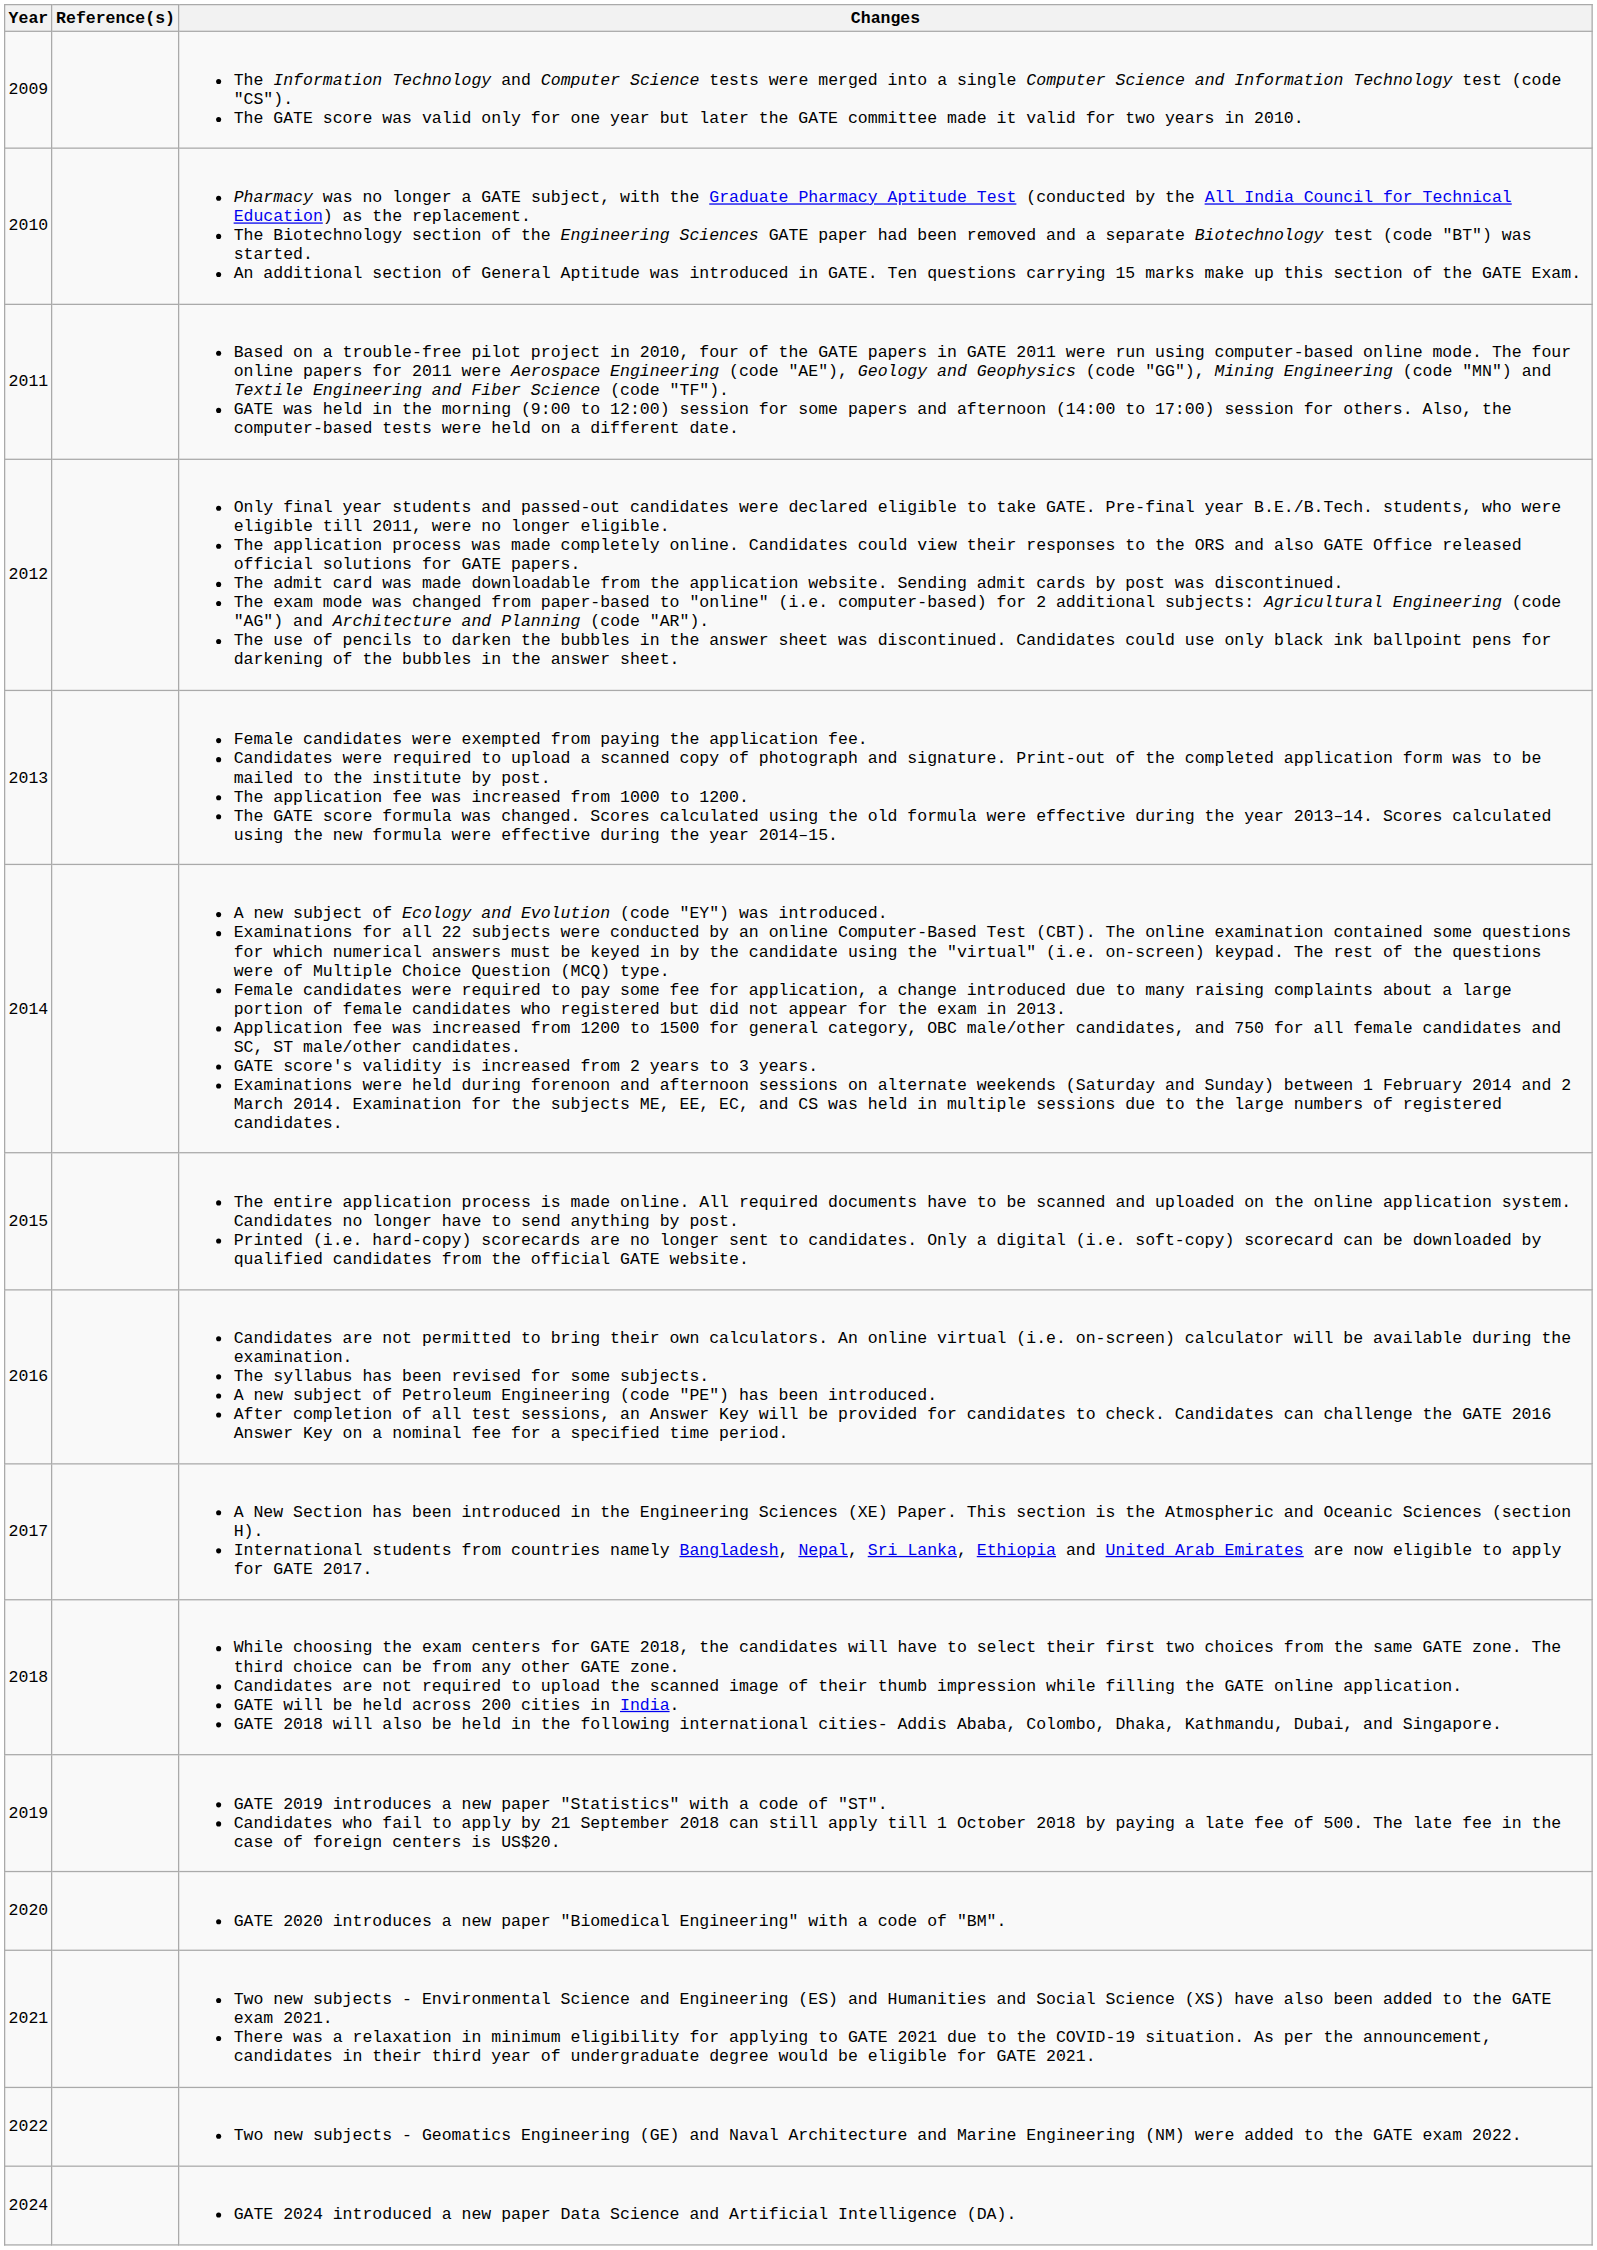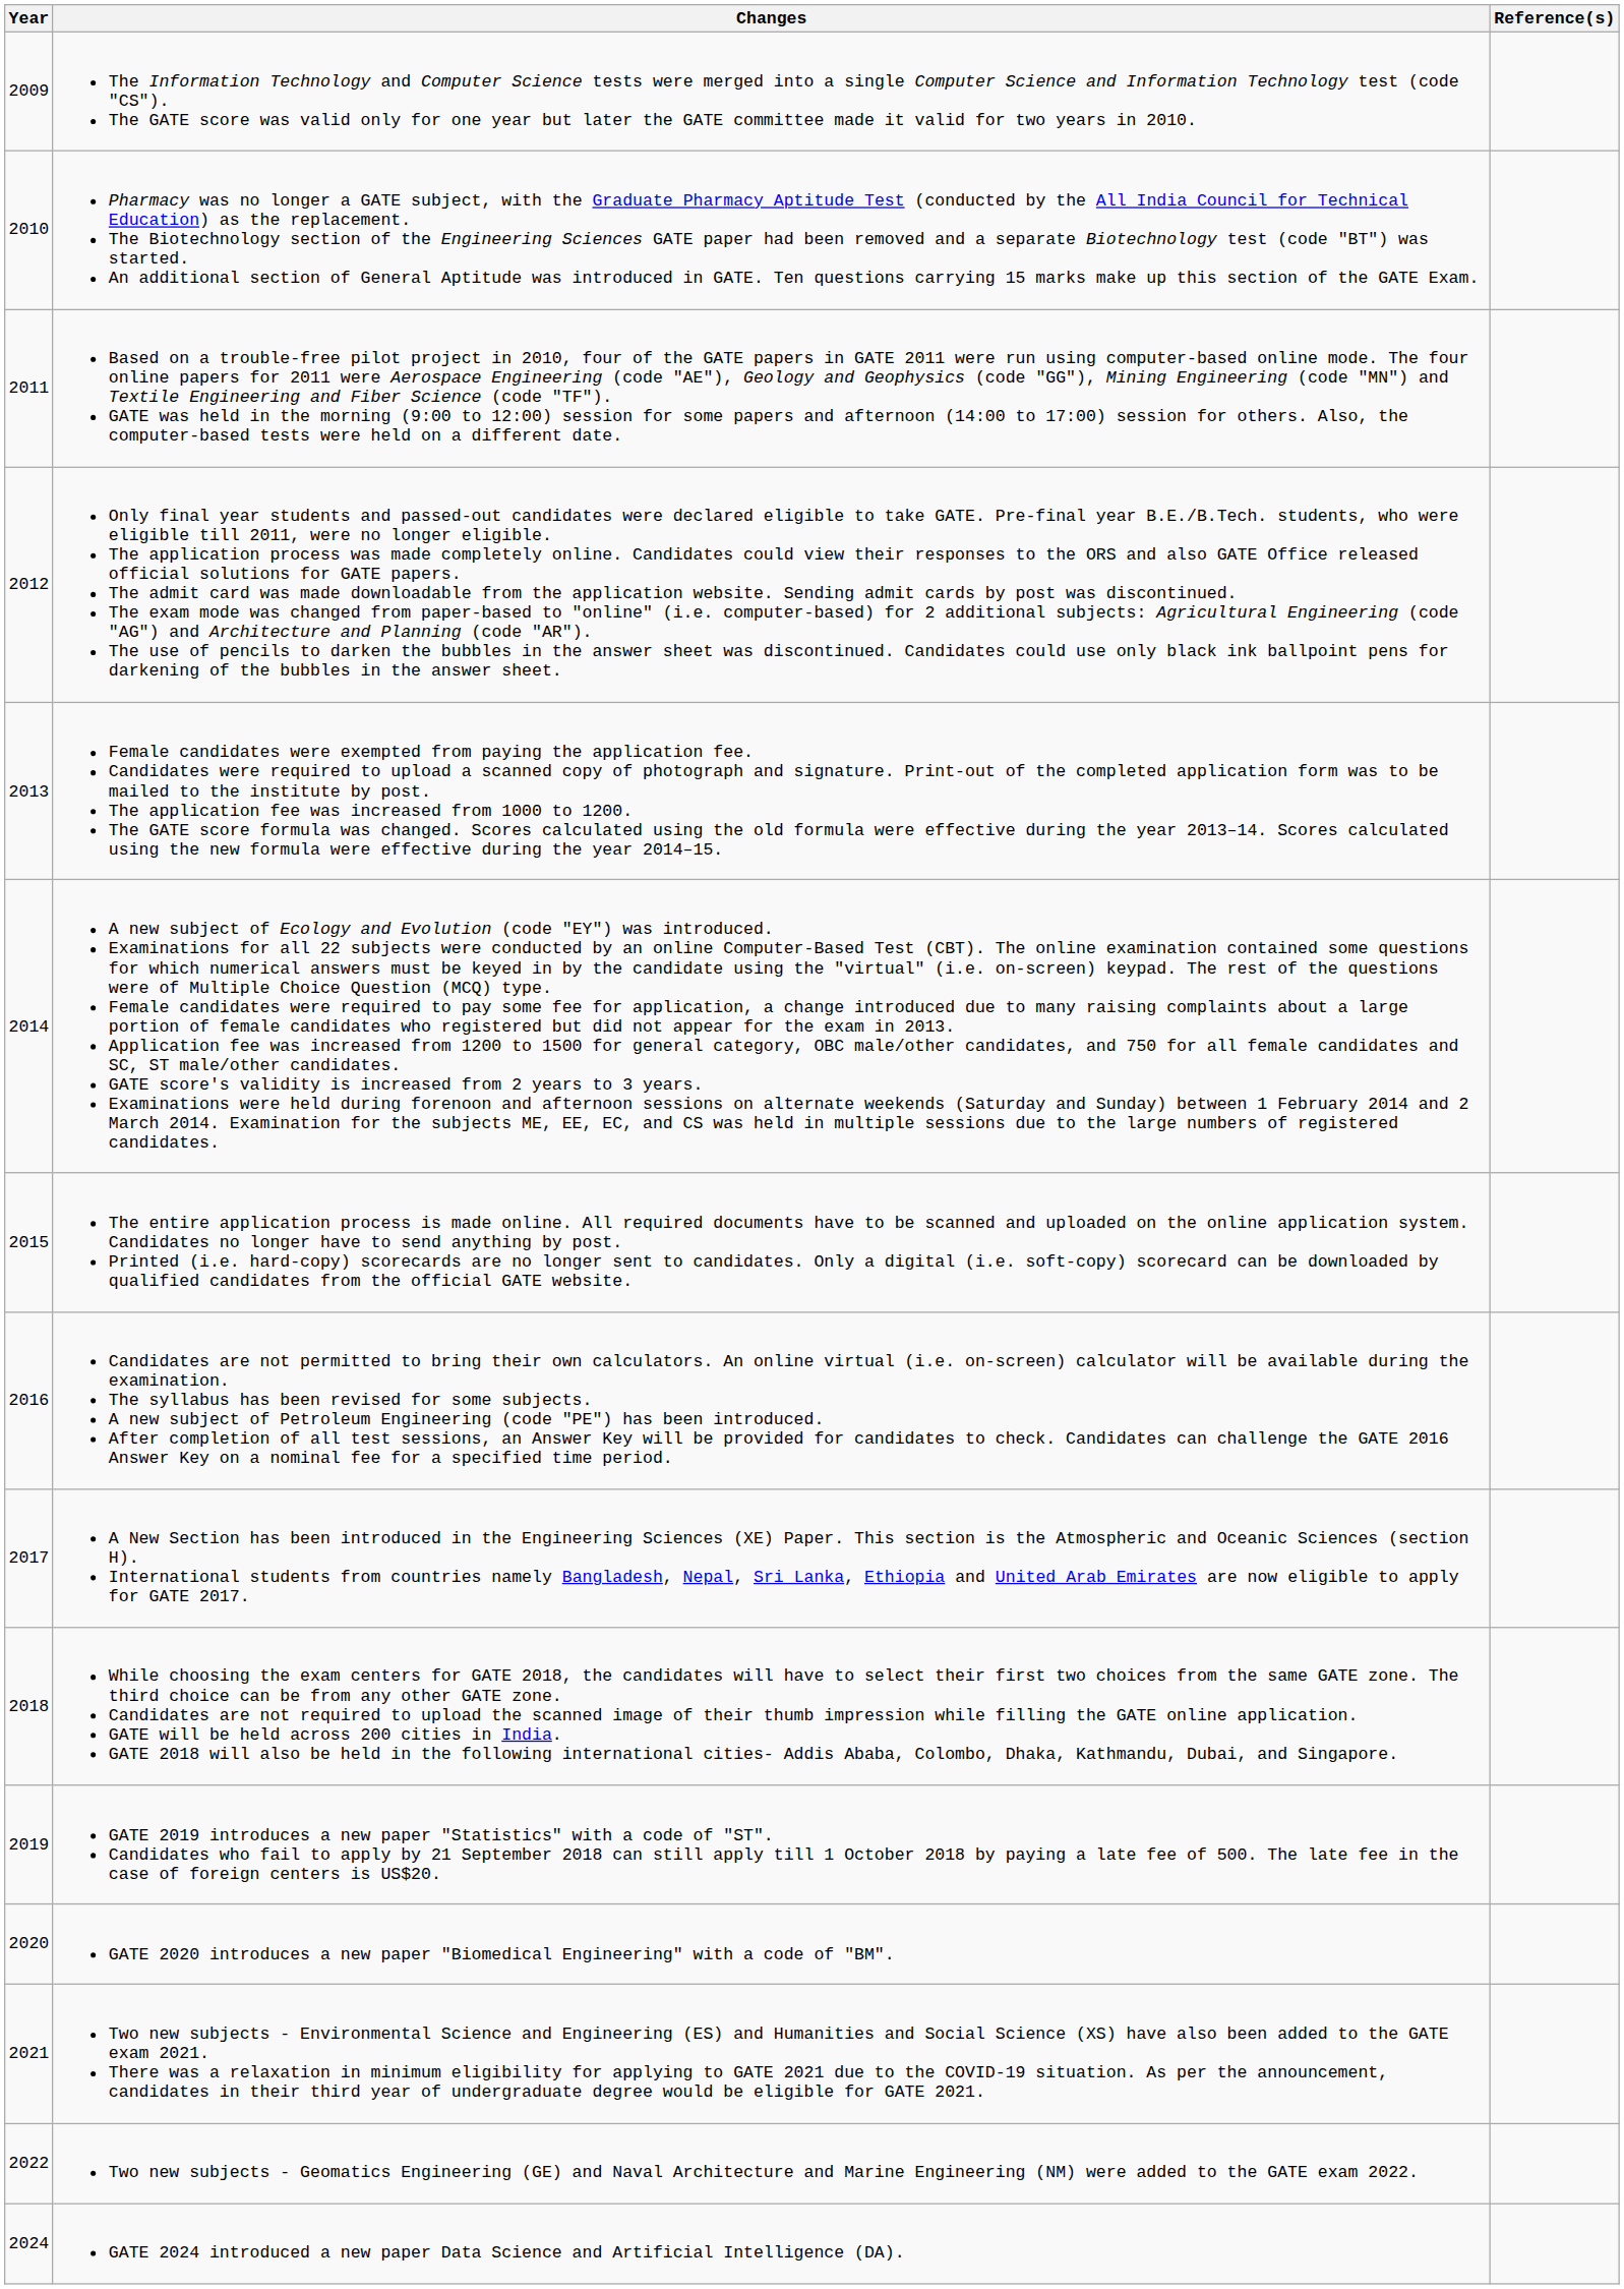 <table class="wikitable sortable">
 <tr>
 <th>Year</th>
+<th class="unsortable">Changes</th>
 <th class="unsortable">Reference(s)</th>
-<th class="unsortable">Changes</th>
 </tr>
 <tr>
 <td>2009</td>
+<td><br><ul><li>The <em>Information Technology</em> and <em>Computer Science</em> tests were merged into a single <em>Computer Science and Information Technology</em> test (code "CS").</li><li>The GATE score was valid only for one year but later the GATE committee made it valid for two years in 2010.</li></ul></td>
 <td></td>
-<td><br><ul><li>The <em>Information Technology</em> and <em>Computer Science</em> tests were merged into a single <em>Computer Science and Information Technology</em> test (code "CS").</li><li>The GATE score was valid only for one year but later the GATE committee made it valid for two years in 2010.</li></ul></td>
 </tr>
 <tr>
 <td>2010</td>
+<td><br><ul><li><em>Pharmacy</em> was no longer a GATE subject, with the <a href='#'>Graduate Pharmacy Aptitude Test</a> (conducted by the <a href='#'>All India Council for Technical Education</a>) as the replacement.</li><li>The Biotechnology section of the <em>Engineering Sciences</em> GATE paper had been removed and a separate <em>Biotechnology</em> test (code "BT") was started.</li><li>An additional section of General Aptitude was introduced in GATE. Ten questions carrying 15 marks make up this section of the GATE Exam.</li></ul></td>
 <td></td>
-<td><br><ul><li><em>Pharmacy</em> was no longer a GATE subject, with the <a href='#'>Graduate Pharmacy Aptitude Test</a> (conducted by the <a href='#'>All India Council for Technical Education</a>) as the replacement.</li><li>The Biotechnology section of the <em>Engineering Sciences</em> GATE paper had been removed and a separate <em>Biotechnology</em> test (code "BT") was started.</li><li>An additional section of General Aptitude was introduced in GATE. Ten questions carrying 15 marks make up this section of the GATE Exam.</li></ul></td>
 </tr>
 <tr>
 <td>2011</td>
+<td><br><ul><li>Based on a trouble-free pilot project in 2010, four of the GATE papers in GATE 2011 were run using computer-based online mode. The four online papers for 2011 were <em>Aerospace Engineering</em> (code "AE"), <em>Geology and Geophysics</em> (code "GG"), <em>Mining Engineering</em> (code "MN") and <em>Textile Engineering and Fiber Science</em> (code "TF").</li><li>GATE was held in the morning (9:00 to 12:00) session for some papers and afternoon (14:00 to 17:00) session for others. Also, the computer-based tests were held on a different date.</li></ul></td>
 <td></td>
-<td><br><ul><li>Based on a trouble-free pilot project in 2010, four of the GATE papers in GATE 2011 were run using computer-based online mode. The four online papers for 2011 were <em>Aerospace Engineering</em> (code "AE"), <em>Geology and Geophysics</em> (code "GG"), <em>Mining Engineering</em> (code "MN") and <em>Textile Engineering and Fiber Science</em> (code "TF").</li><li>GATE was held in the morning (9:00 to 12:00) session for some papers and afternoon (14:00 to 17:00) session for others. Also, the computer-based tests were held on a different date.</li></ul></td>
 </tr>
 <tr>
 <td>2012</td>
+<td><br><ul><li>Only final year students and passed-out candidates were declared eligible to take GATE. Pre-final year B.E./B.Tech. students, who were eligible till 2011, were no longer eligible.</li><li>The application process was made completely online. Candidates could view their responses to the ORS and also GATE Office released official solutions for GATE papers.</li><li>The admit card was made downloadable from the application website. Sending admit cards by post was discontinued.</li><li>The exam mode was changed from paper-based to "online" (i.e. computer-based) for 2 additional subjects: <em>Agricultural Engineering</em> (code "AG") and <em>Architecture and Planning</em> (code "AR").</li><li>The use of pencils to darken the bubbles in the answer sheet was discontinued. Candidates could use only black ink ballpoint pens for darkening of the bubbles in the answer sheet.</li></ul></td>
 <td></td>
-<td><br><ul><li>Only final year students and passed-out candidates were declared eligible to take GATE. Pre-final year B.E./B.Tech. students, who were eligible till 2011, were no longer eligible.</li><li>The application process was made completely online. Candidates could view their responses to the ORS and also GATE Office released official solutions for GATE papers.</li><li>The admit card was made downloadable from the application website. Sending admit cards by post was discontinued.</li><li>The exam mode was changed from paper-based to "online" (i.e. computer-based) for 2 additional subjects: <em>Agricultural Engineering</em> (code "AG") and <em>Architecture and Planning</em> (code "AR").</li><li>The use of pencils to darken the bubbles in the answer sheet was discontinued. Candidates could use only black ink ballpoint pens for darkening of the bubbles in the answer sheet.</li></ul></td>
 </tr>
 <tr>
 <td>2013</td>
+<td><br><ul><li>Female candidates were exempted from paying the application fee.</li><li>Candidates were required to upload a scanned copy of photograph and signature. Print-out of the completed application form was to be mailed to the institute by post.</li><li>The application fee was increased from  1000 to  1200.</li><li>The GATE score formula was changed. Scores calculated using the old formula were effective during the year 2013–14. Scores calculated using the new formula were effective during the year 2014–15.</li></ul></td>
 <td></td>
-<td><br><ul><li>Female candidates were exempted from paying the application fee.</li><li>Candidates were required to upload a scanned copy of photograph and signature. Print-out of the completed application form was to be mailed to the institute by post.</li><li>The application fee was increased from  1000 to  1200.</li><li>The GATE score formula was changed. Scores calculated using the old formula were effective during the year 2013–14. Scores calculated using the new formula were effective during the year 2014–15.</li></ul></td>
 </tr>
 <tr>
 <td>2014</td>
+<td><br><ul><li>A new subject of <em>Ecology and Evolution</em> (code "EY") was introduced.</li><li>Examinations for all 22 subjects were conducted by an online Computer-Based Test (CBT). The online examination contained some questions for which numerical answers must be keyed in by the candidate using the "virtual" (i.e. on-screen) keypad. The rest of the questions were of Multiple Choice Question (MCQ) type.</li><li>Female candidates were required to pay some fee for application, a change introduced due to many raising complaints about a large portion of female candidates who registered but did not appear for the exam in 2013.</li><li>Application fee was increased from  1200 to  1500 for general category, OBC male/other candidates, and  750 for all female candidates and SC, ST male/other candidates.</li><li>GATE score's validity is increased from 2 years to 3 years.</li><li>Examinations were held during forenoon and afternoon sessions on alternate weekends (Saturday and Sunday) between 1 February 2014 and 2 March 2014. Examination for the subjects ME, EE, EC, and CS was held in multiple sessions due to the large numbers of registered candidates.</li></ul></td>
 <td></td>
-<td><br><ul><li>A new subject of <em>Ecology and Evolution</em> (code "EY") was introduced.</li><li>Examinations for all 22 subjects were conducted by an online Computer-Based Test (CBT). The online examination contained some questions for which numerical answers must be keyed in by the candidate using the "virtual" (i.e. on-screen) keypad. The rest of the questions were of Multiple Choice Question (MCQ) type.</li><li>Female candidates were required to pay some fee for application, a change introduced due to many raising complaints about a large portion of female candidates who registered but did not appear for the exam in 2013.</li><li>Application fee was increased from  1200 to  1500 for general category, OBC male/other candidates, and  750 for all female candidates and SC, ST male/other candidates.</li><li>GATE score's validity is increased from 2 years to 3 years.</li><li>Examinations were held during forenoon and afternoon sessions on alternate weekends (Saturday and Sunday) between 1 February 2014 and 2 March 2014. Examination for the subjects ME, EE, EC, and CS was held in multiple sessions due to the large numbers of registered candidates.</li></ul></td>
 </tr>
 <tr>
 <td>2015</td>
+<td><br><ul><li>The entire application process is made online. All required documents have to be scanned and uploaded on the online application system. Candidates no longer have to send anything by post.</li><li>Printed (i.e. hard-copy) scorecards are no longer sent to candidates. Only a digital (i.e. soft-copy) scorecard can be downloaded by qualified candidates from the official GATE website.</li></ul></td>
 <td></td>
-<td><br><ul><li>The entire application process is made online. All required documents have to be scanned and uploaded on the online application system. Candidates no longer have to send anything by post.</li><li>Printed (i.e. hard-copy) scorecards are no longer sent to candidates. Only a digital (i.e. soft-copy) scorecard can be downloaded by qualified candidates from the official GATE website.</li></ul></td>
 </tr>
 <tr>
 <td>2016</td>
+<td><br><ul><li>Candidates are not permitted to bring their own calculators. An online virtual (i.e. on-screen) calculator will be available during the examination.</li><li>The syllabus has been revised for some subjects.</li><li>A new subject of Petroleum Engineering (code "PE") has been introduced.</li><li>After completion of all test sessions, an Answer Key will be provided for candidates to check. Candidates can challenge the GATE 2016 Answer Key on a nominal fee for a specified time period.</li></ul></td>
 <td></td>
-<td><br><ul><li>Candidates are not permitted to bring their own calculators. An online virtual (i.e. on-screen) calculator will be available during the examination.</li><li>The syllabus has been revised for some subjects.</li><li>A new subject of Petroleum Engineering (code "PE") has been introduced.</li><li>After completion of all test sessions, an Answer Key will be provided for candidates to check. Candidates can challenge the GATE 2016 Answer Key on a nominal fee for a specified time period.</li></ul></td>
 </tr>
 <tr>
 <td>2017</td>
+<td><br><ul><li>A New Section has been introduced in the Engineering Sciences (XE) Paper. This section is the Atmospheric and Oceanic Sciences (section H).</li><li>International students from countries namely <a href='#'>Bangladesh</a>, <a href='#'>Nepal</a>, <a href='#'>Sri Lanka</a>, <a href='#'>Ethiopia</a> and <a href='#'>United Arab Emirates</a> are now eligible to apply for GATE 2017.</li></ul></td>
 <td></td>
-<td><br><ul><li>A New Section has been introduced in the Engineering Sciences (XE) Paper. This section is the Atmospheric and Oceanic Sciences (section H).</li><li>International students from countries namely <a href='#'>Bangladesh</a>, <a href='#'>Nepal</a>, <a href='#'>Sri Lanka</a>, <a href='#'>Ethiopia</a> and <a href='#'>United Arab Emirates</a> are now eligible to apply for GATE 2017.</li></ul></td>
 </tr>
 <tr>
 <td>2018</td>
+<td><br><ul><li>While choosing the exam centers for GATE 2018, the candidates will have to select their first two choices from the same GATE zone. The third choice can be from any other GATE zone.</li><li>Candidates are not required to upload the scanned image of their thumb impression while filling the GATE online application.</li><li>GATE will be held across 200 cities in <a href='#'>India</a>.</li><li>GATE 2018 will also be held in the following international cities- Addis Ababa, Colombo, Dhaka, Kathmandu, Dubai, and Singapore.</li></ul></td>
 <td></td>
-<td><br><ul><li>While choosing the exam centers for GATE 2018, the candidates will have to select their first two choices from the same GATE zone. The third choice can be from any other GATE zone.</li><li>Candidates are not required to upload the scanned image of their thumb impression while filling the GATE online application.</li><li>GATE will be held across 200 cities in <a href='#'>India</a>.</li><li>GATE 2018 will also be held in the following international cities- Addis Ababa, Colombo, Dhaka, Kathmandu, Dubai, and Singapore.</li></ul></td>
 </tr>
 <tr>
 <td>2019</td>
+<td><br><ul><li>GATE 2019 introduces a new paper "Statistics" with a code of "ST".</li><li>Candidates who fail to apply by 21 September 2018 can still apply till 1 October 2018 by paying a late fee of  500. The late fee in the case of foreign centers is US$20.</li></ul></td>
 <td></td>
-<td><br><ul><li>GATE 2019 introduces a new paper "Statistics" with a code of "ST".</li><li>Candidates who fail to apply by 21 September 2018 can still apply till 1 October 2018 by paying a late fee of  500. The late fee in the case of foreign centers is US$20.</li></ul></td>
 </tr>
 <tr>
 <td>2020</td>
+<td><br><ul><li>GATE 2020 introduces a new paper "Biomedical Engineering" with a code of "BM".</li></ul></td>
 <td></td>
-<td><br><ul><li>GATE 2020 introduces a new paper "Biomedical Engineering" with a code of "BM".</li></ul></td>
 </tr>
 <tr>
 <td>2021</td>
+<td><br><ul><li>Two new subjects - Environmental Science and Engineering (ES) and Humanities and Social Science (XS) have also been added to the GATE exam 2021.</li><li>There was a relaxation in minimum eligibility for applying to GATE 2021 due to the COVID-19 situation. As per the announcement, candidates in their third year of undergraduate degree would be eligible for GATE 2021.</li></ul></td>
 <td></td>
-<td><br><ul><li>Two new subjects - Environmental Science and Engineering (ES) and Humanities and Social Science (XS) have also been added to the GATE exam 2021.</li><li>There was a relaxation in minimum eligibility for applying to GATE 2021 due to the COVID-19 situation. As per the announcement, candidates in their third year of undergraduate degree would be eligible for GATE 2021.</li></ul></td>
 </tr>
 <tr>
 <td>2022</td>
+<td><br><ul><li>Two new subjects - Geomatics Engineering (GE) and Naval Architecture and Marine Engineering (NM) were added to the GATE exam 2022.</li></ul></td>
 <td></td>
-<td><br><ul><li>Two new subjects - Geomatics Engineering (GE) and Naval Architecture and Marine Engineering (NM) were added to the GATE exam 2022.</li></ul></td>
 </tr>
 <tr>
 <td>2024</td>
+<td><br><ul><li>GATE 2024 introduced a new paper Data Science and Artificial Intelligence (DA).</li></ul></td>
 <td></td>
-<td><br><ul><li>GATE 2024 introduced a new paper Data Science and Artificial Intelligence (DA).</li></ul></td>
 </tr>
 </table>
